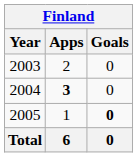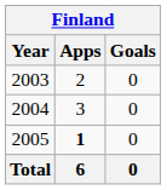 <table class=wikitable style=text-align:center>
 <tr>
 <th colspan=4><a href='#'>Finland</a></th>
 </tr>
 <tr>
 <th>Year</th>
 <th>Apps</th>
 <th>Goals</th>
 </tr>
 <tr>
 <td>2003</td>
 <td>2</td>
 <td>0</td>
 </tr>
 <tr>
 <td>2004</td>
-<td><strong>3</strong></td>
+<td>3</td>
 <td>0</td>
 </tr>
 <tr>
 <td>2005</td>
-<td>1</td>
-<td><strong>0</strong></td>
+<td><strong>1</strong></td>
+<td>0</td>
 </tr>
 <tr>
 <th colspan=1>Total</th>
 <th>6</th>
 <th>0</th>
 </tr>
 </table>
